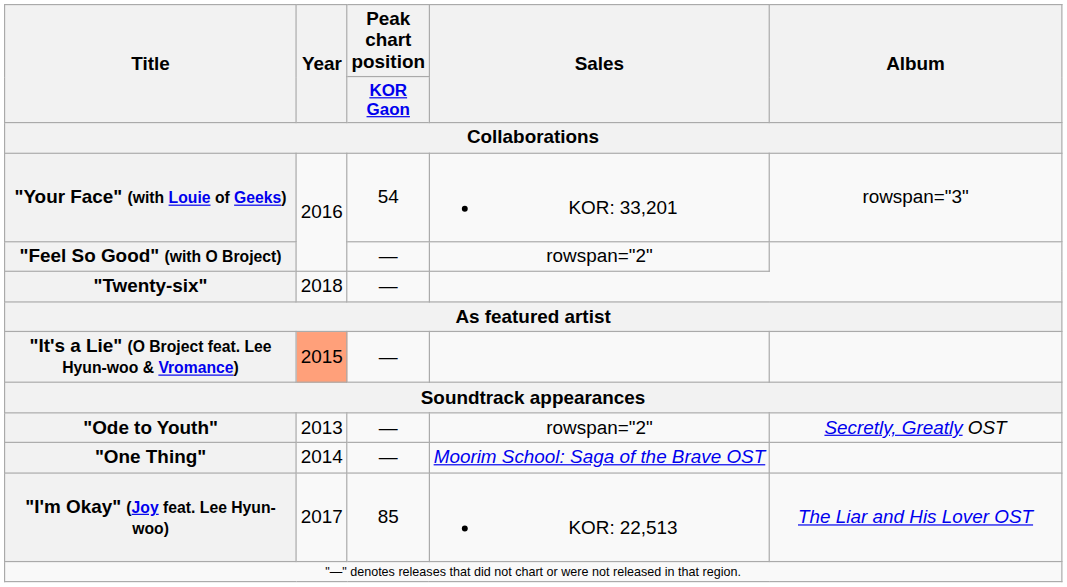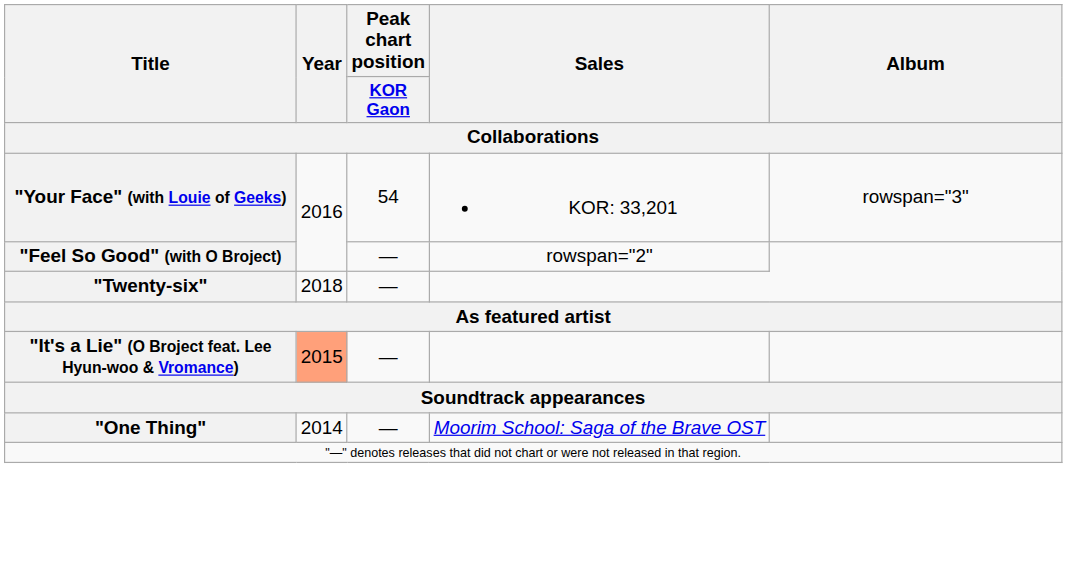 <table class="wikitable plainrowheaders" style="text-align:center">
 <tr>
 <th scope="col" rowspan="2" style="width:15em;">Title</th>
 <th scope="col" rowspan="2">Year</th>
 <th scope="col">Peak chart position</th>
 <th scope="col" rowspan="2">Sales</th>
 <th scope="col" rowspan="2" style="width:15em;">Album</th>
 </tr>
 <tr>
 <th style="width:3em;font-size:90%"><a href='#'>KOR<br>Gaon</a><br></th>
 </tr>
 <tr>
 <th colspan="5">Collaborations</th>
 </tr>
 <tr>
 <th scope="row">"Your Face" <small>(with <a href='#'>Louie</a> of <a href='#'>Geeks</a>)</small></th>
 <td rowspan="2">2016</td>
 <td>54</td>
 <td><br><ul><li>KOR: 33,201</li></ul></td>
 <td>rowspan="3" </td>
 </tr>
 <tr>
 <th scope="row">"Feel So Good" <small>(with O Broject)</small></th>
 <td>—</td>
 <td>rowspan="2" </td>
 </tr>
 <tr>
 <th scope="row">"Twenty-six"</th>
 <td>2018</td>
 <td>—</td>
 </tr>
 <tr>
 <th colspan="5">As featured artist</th>
 </tr>
 <tr>
 <th scope="row">"It's a Lie" <small>(O Broject feat. Lee Hyun-woo & <a href='#'>Vromance</a>)</small></th>
 <td style="background: lightsalmon;">2015</td>
 <td>—</td>
 <td></td>
 <td></td>
 </tr>
 <tr>
 <th colspan="5">Soundtrack appearances</th>
 </tr>
 <tr>
-<th scope="row">"Ode to Youth"</th>
-<td>2013</td>
-<td>—</td>
-<td>rowspan="2" </td>
-<td><em><a href='#'>Secretly, Greatly</a> OST</em></td>
-</tr>
-<tr>
 <th scope="row">"One Thing"</th>
 <td>2014</td>
 <td>—</td>
 <td><em><a href='#'>Moorim School: Saga of the Brave OST</a></em></td>
 </tr>
 <tr>
-<th scope="row">"I'm Okay" <small>(<a href='#'>Joy</a> feat. Lee Hyun-woo)</small></th>
-<td>2017</td>
-<td>85</td>
-<td><br><ul><li>KOR: 22,513</li></ul></td>
-<td><em><a href='#'>The Liar and His Lover OST</a></em></td>
-</tr>
-<tr>
 <td colspan="5" align="center" style="font-size:8pt">"—" denotes releases that did not chart or were not released in that region.</td>
 </tr>
 </table>
